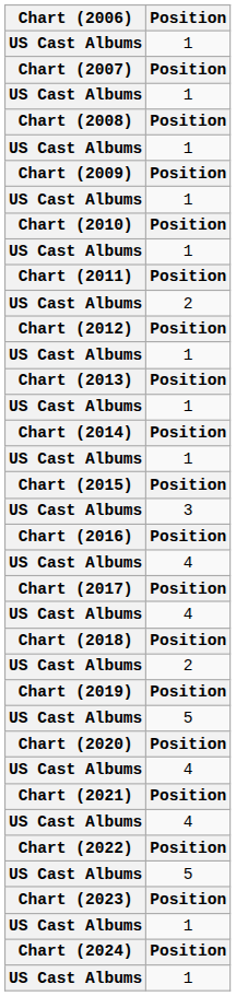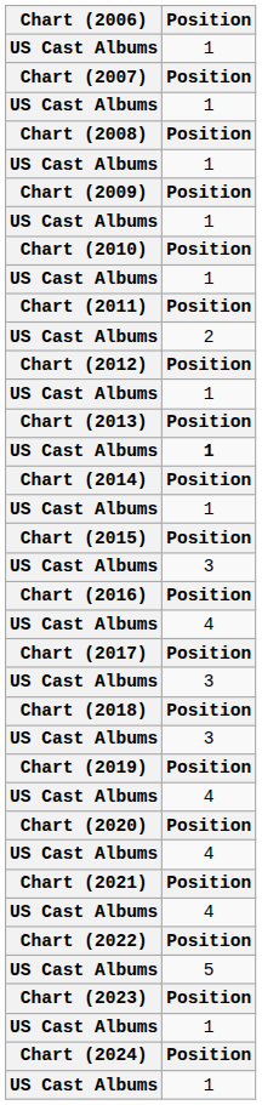 <table class="wikitable plainrowheaders" style="text-align:center">
 <tr>
 <th>Chart (2006)</th>
 <th>Position</th>
 </tr>
 <tr>
 <th scope="row">US Cast Albums</th>
 <td>1</td>
 </tr>
 <tr>
 <th>Chart (2007)</th>
 <th>Position</th>
 </tr>
 <tr>
 <th scope="row">US Cast Albums</th>
 <td>1</td>
 </tr>
 <tr>
 <th>Chart (2008)</th>
 <th>Position</th>
 </tr>
 <tr>
 <th scope="row">US Cast Albums</th>
 <td>1</td>
 </tr>
 <tr>
 <th>Chart (2009)</th>
 <th>Position</th>
 </tr>
 <tr>
 <th scope="row">US Cast Albums</th>
 <td>1</td>
 </tr>
 <tr>
 <th>Chart (2010)</th>
 <th>Position</th>
 </tr>
 <tr>
 <th scope="row">US Cast Albums</th>
 <td>1</td>
 </tr>
 <tr>
 <th>Chart (2011)</th>
 <th>Position</th>
 </tr>
 <tr>
 <th scope="row">US Cast Albums</th>
 <td>2</td>
 </tr>
 <tr>
 <th>Chart (2012)</th>
 <th>Position</th>
 </tr>
 <tr>
 <th scope="row">US Cast Albums</th>
 <td>1</td>
 </tr>
 <tr>
 <th>Chart (2013)</th>
 <th>Position</th>
 </tr>
 <tr>
 <th scope="row">US Cast Albums</th>
-<td>1</td>
+<td><strong>1</strong></td>
 </tr>
 <tr>
 <th>Chart (2014)</th>
 <th>Position</th>
 </tr>
 <tr>
 <th scope="row">US Cast Albums</th>
 <td>1</td>
 </tr>
 <tr>
 <th>Chart (2015)</th>
 <th>Position</th>
 </tr>
 <tr>
 <th scope="row">US Cast Albums</th>
 <td>3</td>
 </tr>
 <tr>
 <th>Chart (2016)</th>
 <th>Position</th>
 </tr>
 <tr>
 <th scope="row">US Cast Albums</th>
 <td>4</td>
 </tr>
 <tr>
 <th>Chart (2017)</th>
 <th>Position</th>
 </tr>
 <tr>
 <th scope="row">US Cast Albums</th>
-<td>4</td>
+<td>3</td>
 </tr>
 <tr>
 <th>Chart (2018)</th>
 <th>Position</th>
 </tr>
 <tr>
 <th scope="row">US Cast Albums</th>
-<td>2</td>
+<td>3</td>
 </tr>
 <tr>
 <th>Chart (2019)</th>
 <th>Position</th>
 </tr>
 <tr>
 <th scope="row">US Cast Albums</th>
-<td>5</td>
+<td>4</td>
 </tr>
 <tr>
 <th>Chart (2020)</th>
 <th>Position</th>
 </tr>
 <tr>
 <th scope="row">US Cast Albums</th>
 <td>4</td>
 </tr>
 <tr>
 <th>Chart (2021)</th>
 <th>Position</th>
 </tr>
 <tr>
 <th scope="row">US Cast Albums</th>
 <td style="text-align:center;">4</td>
 </tr>
 <tr>
 <th>Chart (2022)</th>
 <th>Position</th>
 </tr>
 <tr>
 <th scope="row">US Cast Albums</th>
 <td style="text-align:center;">5</td>
 </tr>
 <tr>
 <th>Chart (2023)</th>
 <th>Position</th>
 </tr>
 <tr>
 <th scope="row">US Cast Albums</th>
 <td style="text-align:center;">1</td>
 </tr>
 <tr>
 <th>Chart (2024)</th>
 <th>Position</th>
 </tr>
 <tr>
 <th scope="row">US Cast Albums</th>
 <td style="text-align:center;">1</td>
 </tr>
 </table>
